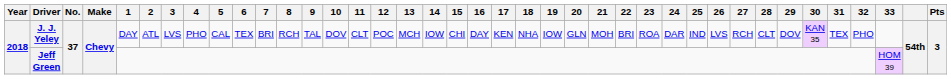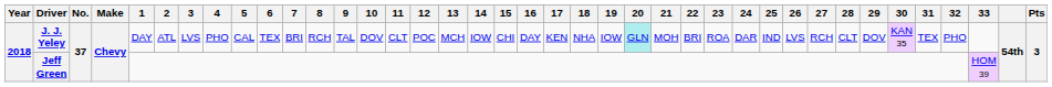 <table class="wikitable" style="text-align:center; font-size:75%">
 <tr>
 <th>Year</th>
 <th>Driver</th>
 <th>No.</th>
 <th>Make</th>
 <th>1</th>
 <th>2</th>
 <th>3</th>
 <th>4</th>
 <th>5</th>
 <th>6</th>
 <th>7</th>
 <th>8</th>
 <th>9</th>
 <th>10</th>
 <th>11</th>
 <th>12</th>
 <th>13</th>
 <th>14</th>
 <th>15</th>
 <th>16</th>
 <th>17</th>
 <th>18</th>
 <th>19</th>
 <th>20</th>
 <th>21</th>
 <th>22</th>
 <th>23</th>
 <th>24</th>
 <th>25</th>
 <th>26</th>
 <th>27</th>
 <th>28</th>
 <th>29</th>
 <th>30</th>
 <th>31</th>
 <th>32</th>
 <th>33</th>
 <th></th>
 <th>Pts</th>
 </tr>
 <tr>
 <th Rowspan=2><a href='#'>2018</a></th>
 <th><a href='#'>J. J. Yeley</a></th>
 <th Rowspan=2>37</th>
 <th Rowspan=2><a href='#'>Chevy</a></th>
 <td><a href='#'>DAY</a></td>
 <td><a href='#'>ATL</a></td>
 <td><a href='#'>LVS</a></td>
 <td><a href='#'>PHO</a></td>
 <td><a href='#'>CAL</a></td>
 <td><a href='#'>TEX</a></td>
 <td><a href='#'>BRI</a></td>
 <td><a href='#'>RCH</a></td>
 <td><a href='#'>TAL</a></td>
 <td><a href='#'>DOV</a></td>
 <td><a href='#'>CLT</a></td>
 <td><a href='#'>POC</a></td>
 <td><a href='#'>MCH</a></td>
 <td><a href='#'>IOW</a></td>
 <td><a href='#'>CHI</a></td>
 <td><a href='#'>DAY</a></td>
 <td><a href='#'>KEN</a></td>
 <td><a href='#'>NHA</a></td>
 <td><a href='#'>IOW</a></td>
-<td><a href='#'>GLN</a></td>
+<td style="background: paleturquoise;"><a href='#'>GLN</a></td>
 <td><a href='#'>MOH</a></td>
 <td><a href='#'>BRI</a></td>
 <td><a href='#'>ROA</a></td>
 <td><a href='#'>DAR</a></td>
 <td><a href='#'>IND</a></td>
 <td><a href='#'>LVS</a></td>
 <td><a href='#'>RCH</a></td>
 <td><a href='#'>CLT</a></td>
 <td><a href='#'>DOV</a></td>
 <td style="background:#EFCFFF;"><a href='#'>KAN</a><br><small>35</small></td>
 <td><a href='#'>TEX</a></td>
 <td><a href='#'>PHO</a></td>
 <td></td>
 <th Rowspan=2>54th</th>
 <th Rowspan=2>3</th>
 </tr>
 <tr>
 <th><a href='#'>Jeff Green</a></th>
 <td colspan=32></td>
 <td style="background:#EFCFFF;"><a href='#'>HOM</a><br><small>39</small></td>
 </tr>
 </table>
